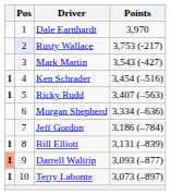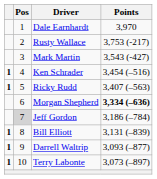 <table class="wikitable" style="font-size: 95%;">
 <tr>
 <th></th>
 <th>Pos</th>
 <th>Driver</th>
 <th>Points</th>
 </tr>
 <tr>
 <td align="left"></td>
 <td style="text-align:center;">1</td>
 <td><a href='#'>Dale Earnhardt</a></td>
 <td style="text-align:center;">3,970</td>
 </tr>
 <tr>
 <td align="left"></td>
-<td style="background: lavender; text-align:center;">2</td>
+<td style="text-align:center;">2</td>
 <td><a href='#'>Rusty Wallace</a></td>
 <td style="text-align:center;">3,753 (-217)</td>
 </tr>
 <tr>
 <td align="left"></td>
 <td style="text-align:center;">3</td>
 <td><a href='#'>Mark Martin</a></td>
 <td style="text-align:center;">3,543 (-427)</td>
 </tr>
 <tr>
 <td align="left"> <strong>1</strong></td>
 <td style="text-align:center;">4</td>
 <td><a href='#'>Ken Schrader</a></td>
 <td style="text-align:center;">3,454 (–516)</td>
 </tr>
 <tr>
 <td align="left"> <strong>1</strong></td>
 <td style="text-align:center;">5</td>
 <td><a href='#'>Ricky Rudd</a></td>
 <td style="text-align:center;">3,407 (–563)</td>
 </tr>
 <tr>
 <td align="left"></td>
 <td style="text-align:center;">6</td>
 <td><a href='#'>Morgan Shepherd</a></td>
-<td style="text-align:center;">3,334 (–636)</td>
+<td style="text-align:center;"><strong>3,334 (–636)</strong></td>
 </tr>
 <tr>
 <td align="left"></td>
-<td style="text-align:center;">7</td>
+<td style="background: lightgrey; text-align:center;">7</td>
 <td><a href='#'>Jeff Gordon</a></td>
 <td style="text-align:center;">3,186 (–784)</td>
 </tr>
 <tr>
 <td align="left"> <strong>1</strong></td>
 <td style="text-align:center;">8</td>
 <td><a href='#'>Bill Elliott</a></td>
 <td style="text-align:center;">3,131 (–839)</td>
 </tr>
 <tr>
-<td align="left" style="background: lightsalmon;"> <strong>1</strong></td>
+<td align="left"> <strong>1</strong></td>
 <td style="text-align:center;">9</td>
 <td><a href='#'>Darrell Waltrip</a></td>
 <td style="text-align:center;">3,093 (–877)</td>
 </tr>
 <tr>
 <td align="left"> <strong>1</strong></td>
 <td style="text-align:center;">10</td>
 <td><a href='#'>Terry Labonte</a></td>
 <td style="text-align:center;">3,073 (–897)</td>
 </tr>
 <tr class="sortbottom">
 <th colspan="9"></th>
 </tr>
 </table>
